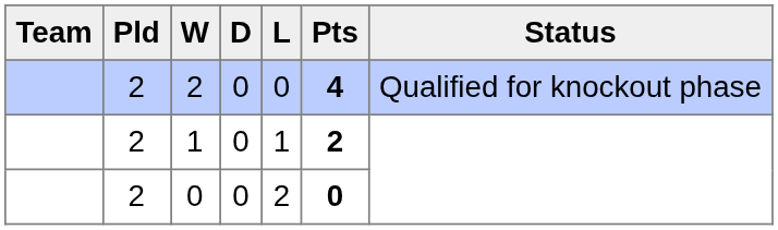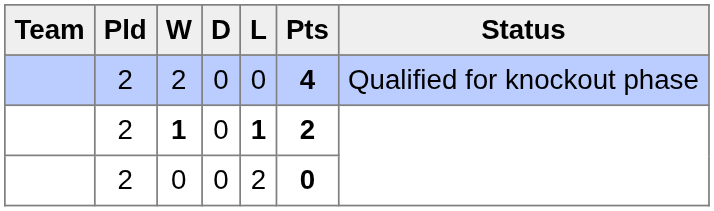 <table style=border-collapse:collapse border=1 cellspacing=0 cellpadding=5>
 <tr align=center bgcolor=#efefef>
 <th>Team</th>
 <th>Pld</th>
 <th>W</th>
 <th>D</th>
 <th>L</th>
 <th>Pts</th>
 <th>Status</th>
 </tr>
 <tr align=center style="background:#bbccff;">
 <td style="text-align:left;"> </td>
 <td>2</td>
 <td>2</td>
 <td>0</td>
 <td>0</td>
 <td><strong>4</strong></td>
 <td rowspan=1>Qualified for knockout phase</td>
 </tr>
 <tr align=center style="background:#FFFFFF;">
 <td style="text-align:left;"> </td>
 <td>2</td>
-<td>1</td>
+<td><strong>1</strong></td>
 <td>0</td>
-<td>1</td>
+<td><strong>1</strong></td>
 <td><strong>2</strong></td>
 <td rowspan=2></td>
 </tr>
 <tr align=center style="background:#FFFFFF;">
 <td style="text-align:left;"> </td>
 <td>2</td>
 <td>0</td>
 <td>0</td>
 <td>2</td>
 <td><strong>0</strong></td>
 </tr>
 </table>
